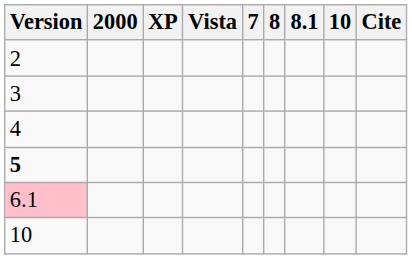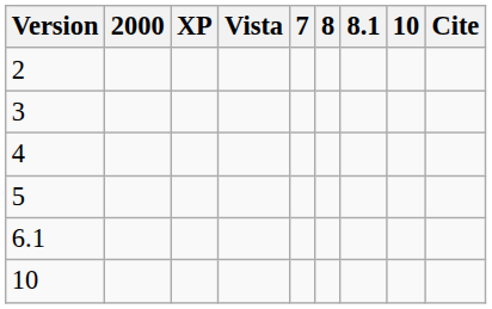 <table class="wikitable">
 <tr>
 <th>Version</th>
 <th>2000</th>
 <th>XP</th>
 <th>Vista</th>
 <th>7</th>
 <th>8</th>
 <th>8.1</th>
 <th>10</th>
 <th>Cite</th>
 </tr>
 <tr>
 <td>2</td>
 <td></td>
 <td></td>
 <td></td>
 <td></td>
 <td></td>
 <td></td>
 <td></td>
 </tr>
 <tr>
 <td>3</td>
 <td></td>
 <td></td>
 <td></td>
 <td></td>
 <td></td>
 <td></td>
 <td></td>
 <td></td>
 </tr>
 <tr>
 <td>4</td>
 <td></td>
 <td></td>
 <td></td>
 <td></td>
 <td></td>
 <td></td>
 <td></td>
 </tr>
 <tr>
-<td><strong>5</strong></td>
+<td>5</td>
 <td></td>
 <td></td>
 <td></td>
 <td></td>
 <td></td>
 <td></td>
 <td></td>
 <td></td>
 </tr>
 <tr>
-<td style="background: pink;">6.1</td>
+<td>6.1</td>
 <td></td>
 <td></td>
 <td></td>
 <td></td>
 <td></td>
 <td></td>
 <td></td>
 <td></td>
 </tr>
 <tr>
 <td>10</td>
 <td></td>
 <td></td>
 <td></td>
 <td></td>
 <td></td>
 <td></td>
 <td></td>
 <td></td>
 </tr>
 </table>
